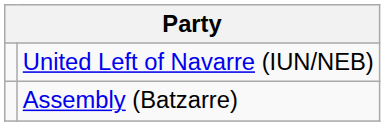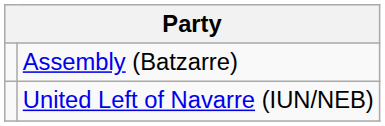 <table class="wikitable" style="text-align:left; font-size:97%;">
 <tr>
 <th colspan="2">Party</th>
 </tr>
 <tr>
+<td></td>
+<td><a href='#'>Assembly</a> (Batzarre)</td>
+</tr>
+<tr>
 <td width="1"></td>
 <td><a href='#'>United Left of Navarre</a> (IUN/NEB)</td>
 </tr>
-<tr>
-<td></td>
-<td><a href='#'>Assembly</a> (Batzarre)</td>
-</tr>
 </table>
